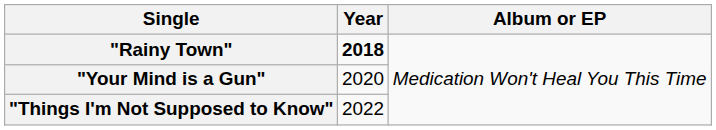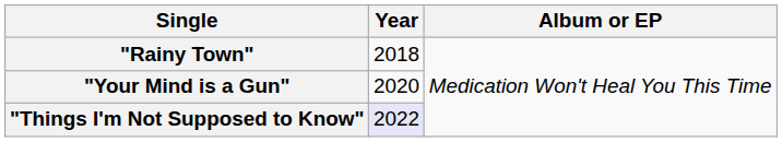 <table class="wikitable plainrowheaders" style="text-align:center;">
 <tr>
 <th scope="col">Single</th>
 <th scope="col">Year</th>
 <th scope="col">Album or EP</th>
 </tr>
 <tr>
 <th scope="row">"Rainy Town"</th>
-<td><strong>2018</strong></td>
+<td>2018</td>
 <td rowspan="3"><em>Medication Won't Heal You This Time</em></td>
 </tr>
 <tr>
 <th scope="row">"Your Mind is a Gun"</th>
 <td>2020</td>
 </tr>
 <tr>
 <th scope="row">"Things I'm Not Supposed to Know"</th>
-<td>2022</td>
+<td style="background: lavender;">2022</td>
 </tr>
 </table>
